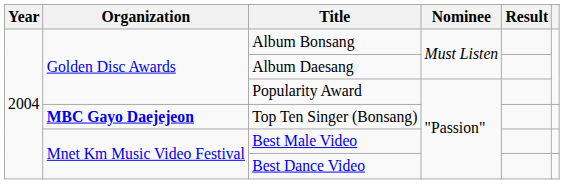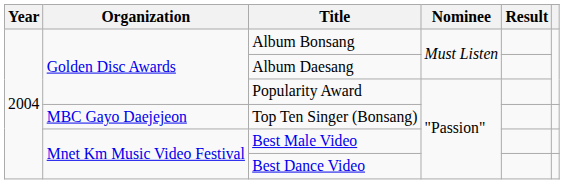 <table class="wikitable plainrowheaders">
 <tr>
 <th scope="col">Year</th>
 <th scope="col">Organization</th>
 <th scope="col">Title</th>
 <th scope="col">Nominee</th>
 <th scope="col">Result</th>
 <th class="unsortable"></th>
 </tr>
 <tr>
 <td rowspan="6">2004</td>
 <td rowspan="3"><a href='#'>Golden Disc Awards</a></td>
 <td>Album Bonsang</td>
 <td rowspan="2"><em>Must Listen</em></td>
 <td></td>
 <td rowspan="3" align="center"></td>
 </tr>
 <tr>
 <td>Album Daesang</td>
 <td></td>
 </tr>
 <tr>
 <td>Popularity Award</td>
 <td rowspan="4">"Passion"</td>
 <td></td>
 </tr>
 <tr>
-<td><strong><a href='#'>MBC Gayo Daejejeon</a></strong></td>
+<td><a href='#'>MBC Gayo Daejejeon</a></td>
 <td>Top Ten Singer (Bonsang)</td>
 <td></td>
 <td align="center"></td>
 </tr>
 <tr>
 <td rowspan="2"><a href='#'>Mnet Km Music Video Festival</a></td>
 <td><a href='#'>Best Male Video</a></td>
 <td></td>
 <td align="center"></td>
 </tr>
 <tr>
 <td><a href='#'>Best Dance Video</a></td>
 <td></td>
 <td align="center"></td>
 </tr>
 </table>
